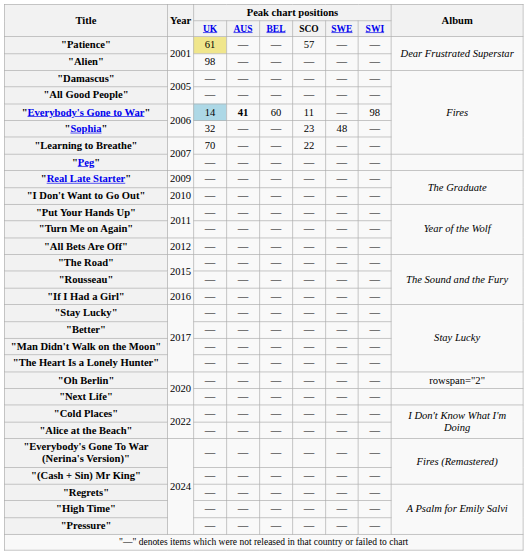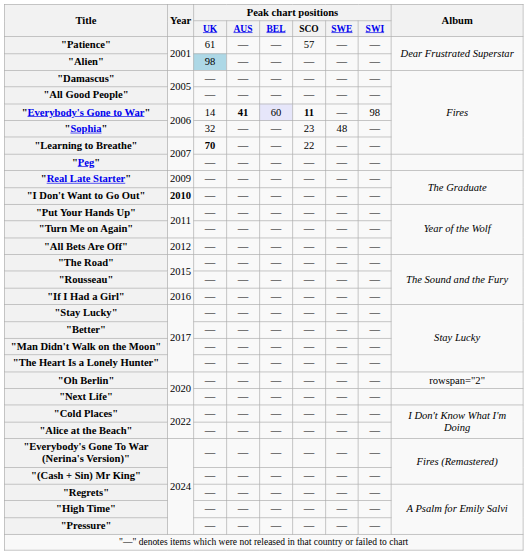 <table class="wikitable plainrowheaders" style="text-align:center;">
 <tr>
 <th scope="col" rowspan="2" style="width:15em;">Title</th>
 <th scope="col" rowspan="2" style="width:1em;">Year</th>
 <th scope="col" colspan="6">Peak chart positions</th>
 <th scope="col" rowspan="2" style="width:12em;">Album</th>
 </tr>
 <tr>
 <th scope="col" style="width:3em;font-size:90%;"><a href='#'>UK</a><br></th>
 <th scope="col" style="width:3em;font-size:90%;"><a href='#'>AUS</a><br></th>
 <th scope="col" style="width:3em;font-size:90%;"><a href='#'>BEL</a><br></th>
 <th scope="col" style="width:3em;font-size:90%;">SCO<br></th>
 <th scope="col" style="width:3em;font-size:90%;"><a href='#'>SWE</a><br></th>
 <th scope="col" style="width:3em;font-size:90%;"><a href='#'>SWI</a><br></th>
 </tr>
 <tr>
 <th scope="row">"Patience"</th>
 <td rowspan="2">2001</td>
-<td style="background: khaki;">61</td>
+<td>61</td>
 <td>—</td>
 <td>—</td>
 <td>57</td>
 <td>—</td>
 <td>—</td>
 <td rowspan="2"><em>Dear Frustrated Superstar</em></td>
 </tr>
 <tr>
 <th scope="row">"Alien"</th>
-<td>98</td>
+<td style="background: lightblue;">98</td>
 <td>—</td>
 <td>—</td>
 <td>—</td>
 <td>—</td>
 <td>—</td>
 </tr>
 <tr>
 <th scope="row">"Damascus"</th>
 <td rowspan="2">2005</td>
 <td>—</td>
 <td>—</td>
 <td>—</td>
 <td>—</td>
 <td>—</td>
 <td>—</td>
 <td rowspan="5"><em>Fires</em></td>
 </tr>
 <tr>
 <th scope="row">"All Good People"</th>
 <td>—</td>
 <td>—</td>
 <td>—</td>
 <td>—</td>
 <td>—</td>
 <td>—</td>
 </tr>
 <tr>
 <th scope="row">"<a href='#'>Everybody's Gone to War</a>"</th>
 <td rowspan="2">2006</td>
-<td style="background: lightblue;">14</td>
+<td>14</td>
 <td><strong>41</strong></td>
-<td>60</td>
-<td>11</td>
+<td style="background: lavender;">60</td>
+<td><strong>11</strong></td>
 <td>—</td>
 <td>98</td>
 </tr>
 <tr>
 <th scope="row">"<a href='#'>Sophia</a>"</th>
 <td>32</td>
 <td>—</td>
 <td>—</td>
 <td>23</td>
 <td>48</td>
 <td>—</td>
 </tr>
 <tr>
 <th scope="row">"Learning to Breathe"</th>
 <td rowspan="2">2007</td>
-<td>70</td>
+<td><strong>70</strong></td>
 <td>—</td>
 <td>—</td>
 <td>22</td>
 <td>—</td>
 <td>—</td>
 </tr>
 <tr>
 <th scope="row">"<a href='#'>Peg</a>"</th>
 <td>—</td>
 <td>—</td>
 <td>—</td>
 <td>—</td>
 <td>—</td>
 <td>—</td>
 <td></td>
 </tr>
 <tr>
 <th scope="row">"<a href='#'>Real Late Starter</a>"</th>
 <td>2009</td>
 <td>—</td>
 <td>—</td>
 <td>—</td>
 <td>—</td>
 <td>—</td>
 <td>—</td>
 <td rowspan="2"><em>The Graduate</em></td>
 </tr>
 <tr>
 <th scope="row">"I Don't Want to Go Out"</th>
-<td>2010</td>
+<td><strong>2010</strong></td>
 <td>—</td>
 <td>—</td>
 <td>—</td>
 <td>—</td>
 <td>—</td>
 <td>—</td>
 </tr>
 <tr>
 <th scope="row">"Put Your Hands Up"</th>
 <td rowspan="2">2011</td>
 <td>—</td>
 <td>—</td>
 <td>—</td>
 <td>—</td>
 <td>—</td>
 <td>—</td>
 <td rowspan="3"><em>Year of the Wolf</em></td>
 </tr>
 <tr>
 <th scope="row">"Turn Me on Again"</th>
 <td>—</td>
 <td>—</td>
 <td>—</td>
 <td>—</td>
 <td>—</td>
 <td>—</td>
 </tr>
 <tr>
 <th scope="row">"All Bets Are Off"</th>
 <td>2012</td>
 <td>—</td>
 <td>—</td>
 <td>—</td>
 <td>—</td>
 <td>—</td>
 <td>—</td>
 </tr>
 <tr>
 <th scope="row">"The Road"</th>
 <td rowspan="2">2015</td>
 <td>—</td>
 <td>—</td>
 <td>—</td>
 <td>—</td>
 <td>—</td>
 <td>—</td>
 <td rowspan="3"><em>The Sound and the Fury</em></td>
 </tr>
 <tr>
 <th scope="row">"Rousseau"</th>
 <td>—</td>
 <td>—</td>
 <td>—</td>
 <td>—</td>
 <td>—</td>
 <td>—</td>
 </tr>
 <tr>
 <th scope="row">"If I Had a Girl"</th>
 <td>2016</td>
 <td>—</td>
 <td>—</td>
 <td>—</td>
 <td>—</td>
 <td>—</td>
 <td>—</td>
 </tr>
 <tr>
 <th scope="row">"Stay Lucky"</th>
 <td rowspan="4">2017</td>
 <td>—</td>
 <td>—</td>
 <td>—</td>
 <td>—</td>
 <td>—</td>
 <td>—</td>
 <td rowspan="4"><em>Stay Lucky</em></td>
 </tr>
 <tr>
 <th scope="row">"Better"</th>
 <td>—</td>
 <td>—</td>
 <td>—</td>
 <td>—</td>
 <td>—</td>
 <td>—</td>
 </tr>
 <tr>
 <th scope="row">"Man Didn't Walk on the Moon"</th>
 <td>—</td>
 <td>—</td>
 <td>—</td>
 <td>—</td>
 <td>—</td>
 <td>—</td>
 </tr>
 <tr>
 <th scope="row">"The Heart Is a Lonely Hunter"</th>
 <td>—</td>
 <td>—</td>
 <td>—</td>
 <td>—</td>
 <td>—</td>
 <td>—</td>
 </tr>
 <tr>
 <th scope="row">"Oh Berlin"</th>
 <td rowspan="2">2020</td>
 <td>—</td>
 <td>—</td>
 <td>—</td>
 <td>—</td>
 <td>—</td>
 <td>—</td>
 <td>rowspan="2" </td>
 </tr>
 <tr>
 <th scope="row">"Next Life"</th>
 <td>—</td>
 <td>—</td>
 <td>—</td>
 <td>—</td>
 <td>—</td>
 <td>—</td>
 </tr>
 <tr>
 <th scope="row">"Cold Places"</th>
 <td rowspan="2">2022</td>
 <td>—</td>
 <td>—</td>
 <td>—</td>
 <td>—</td>
 <td>—</td>
 <td>—</td>
 <td rowspan="2"><em>I Don't Know What I'm Doing</em></td>
 </tr>
 <tr>
 <th scope="row">"Alice at the Beach"</th>
 <td>—</td>
 <td>—</td>
 <td>—</td>
 <td>—</td>
 <td>—</td>
 <td>—</td>
 </tr>
 <tr>
 <th scope="row">"Everybody's Gone To War (Nerina's Version)"</th>
 <td rowspan="5">2024</td>
 <td>—</td>
 <td>—</td>
 <td>—</td>
 <td>—</td>
 <td>—</td>
 <td>—</td>
 <td rowspan="2"><em>Fires (Remastered)</em></td>
 </tr>
 <tr>
 <th scope="row">"(Cash + Sin) Mr King"</th>
 <td>—</td>
 <td>—</td>
 <td>—</td>
 <td>—</td>
 <td>—</td>
 <td>—</td>
 </tr>
 <tr>
 <th scope="row">"Regrets"</th>
 <td>—</td>
 <td>—</td>
 <td>—</td>
 <td>—</td>
 <td>—</td>
 <td>—</td>
 <td rowspan="3"><em>A Psalm for Emily Salvi</em></td>
 </tr>
 <tr>
 <th scope="row">"High Time"</th>
 <td>—</td>
 <td>—</td>
 <td>—</td>
 <td>—</td>
 <td>—</td>
 <td>—</td>
 </tr>
 <tr>
 <th scope="row">"Pressure"</th>
 <td>—</td>
 <td>—</td>
 <td>—</td>
 <td>—</td>
 <td>—</td>
 <td>—</td>
 </tr>
 <tr>
 <td colspan="14" style="font-size:90%">"—" denotes items which were not released in that country or failed to chart</td>
 </tr>
 </table>
